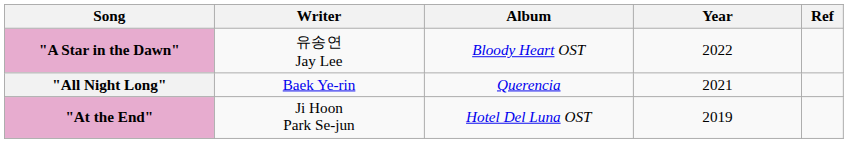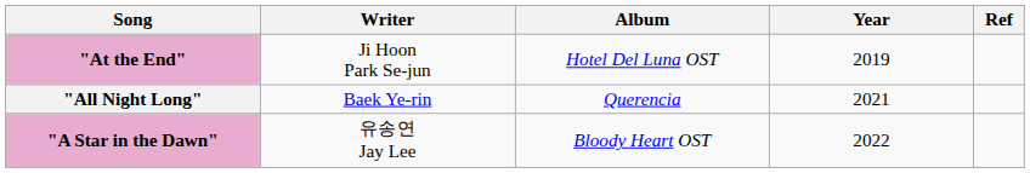 <table class="wikitable" style="text-align:center; width:100%">
 <tr>
 <th style="width:25%">Song</th>
 <th style="width:25%">Writer</th>
 <th style="width:25%">Album</th>
 <th style="width:20%">Year</th>
 <th style="width:5%">Ref</th>
 </tr>
 <tr>
-<th scope="row" style="background-color:#E7ACCF">"A Star in the Dawn"   </th>
-<td>유송연<br>Jay Lee</td>
-<td><em><a href='#'>Bloody Heart</a> OST</em></td>
-<td>2022</td>
+<th scope="row" style="background-color:#E7ACCF">"At the End"  </th>
+<td>Ji Hoon<br>Park Se-jun</td>
+<td><em><a href='#'>Hotel Del Luna</a> OST</em></td>
+<td>2019</td>
 <td></td>
 </tr>
 <tr>
 <th scope="row">"All Night Long"</th>
 <td><a href='#'>Baek Ye-rin</a></td>
 <td><em><a href='#'>Querencia</a></em></td>
 <td rowspan="1">2021</td>
 <td></td>
 </tr>
 <tr>
-<th scope="row" style="background-color:#E7ACCF">"At the End"  </th>
-<td>Ji Hoon<br>Park Se-jun</td>
-<td><em><a href='#'>Hotel Del Luna</a> OST</em></td>
-<td>2019</td>
+<th scope="row" style="background-color:#E7ACCF">"A Star in the Dawn"   </th>
+<td>유송연<br>Jay Lee</td>
+<td><em><a href='#'>Bloody Heart</a> OST</em></td>
+<td>2022</td>
 <td></td>
 </tr>
 </table>
